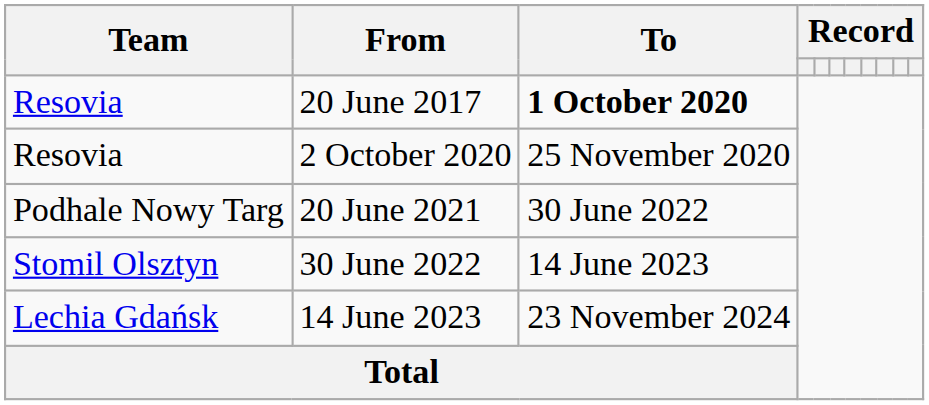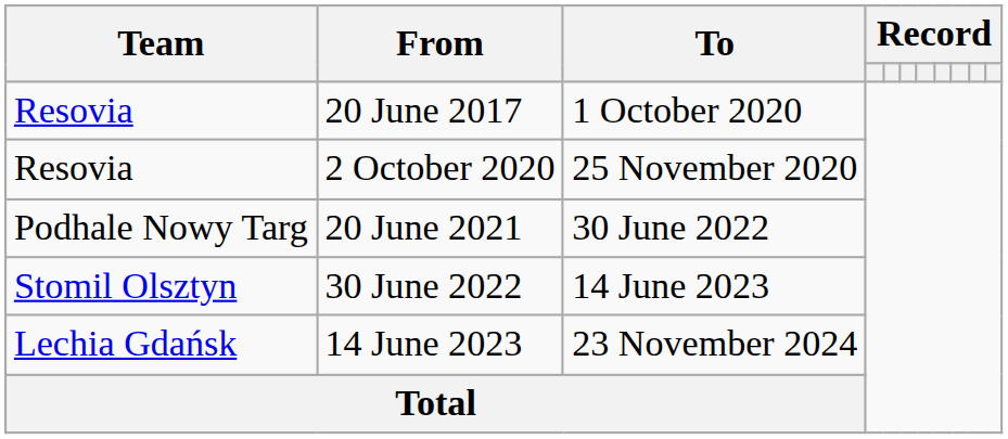 <table class="wikitable" style="text-align: center;">
 <tr>
 <th rowspan="2">Team</th>
 <th rowspan="2">From</th>
 <th rowspan="2">To</th>
 <th colspan="8">Record</th>
 </tr>
 <tr>
 <th></th>
 <th></th>
 <th></th>
 <th></th>
 <th></th>
 <th></th>
 <th></th>
 <th></th>
 </tr>
 <tr>
 <td align=left><a href='#'>Resovia</a></td>
 <td align=left>20 June 2017</td>
-<td align=left><strong>1 October 2020<br></strong></td>
+<td align=left>1 October 2020<br></td>
 </tr>
 <tr>
 <td align=left>Resovia</td>
 <td align=left>2 October 2020</td>
 <td align=left>25 November 2020<br></td>
 </tr>
 <tr>
 <td align=left>Podhale Nowy Targ</td>
 <td align=left>20 June 2021</td>
 <td align=left>30 June 2022<br></td>
 </tr>
 <tr>
 <td align=left><a href='#'>Stomil Olsztyn</a></td>
 <td align=left>30 June 2022</td>
 <td align=left>14 June 2023<br></td>
 </tr>
 <tr>
 <td align=left><a href='#'>Lechia Gdańsk</a></td>
 <td align=left>14 June 2023</td>
 <td align=left>23 November 2024<br></td>
 </tr>
 <tr>
 <th colspan="3">Total<br></th>
 </tr>
 </table>
